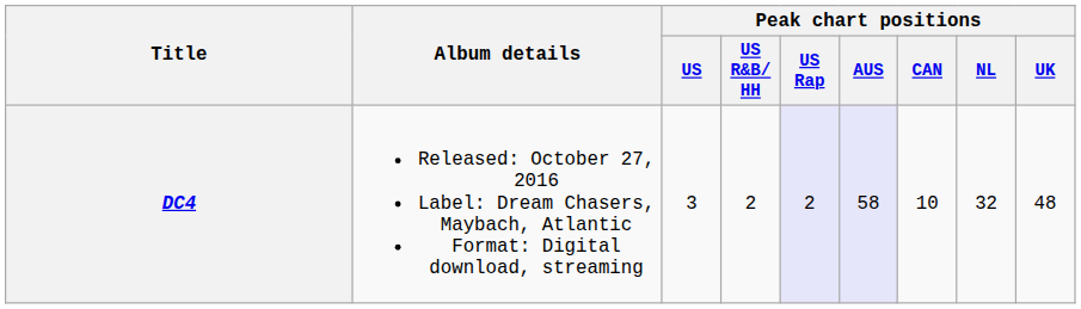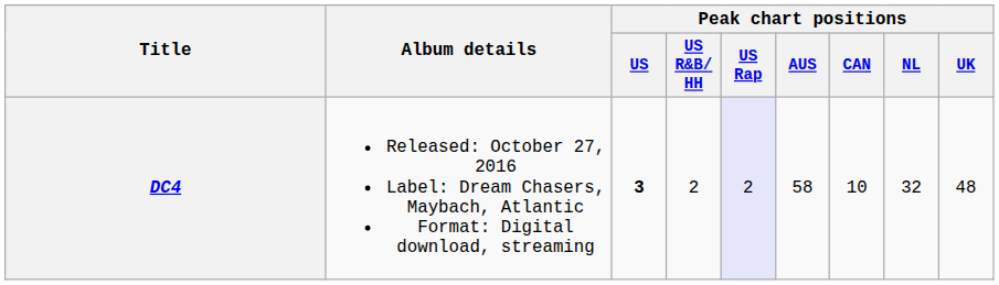 <table class="wikitable plainrowheaders" style="text-align:center;">
 <tr>
 <th scope="col" rowspan="2" style="width:18em;">Title</th>
 <th scope="col" rowspan="2" style="width:16em;">Album details</th>
 <th scope="col" colspan="7">Peak chart positions</th>
 </tr>
 <tr>
 <th scope="col" style="width:3em;font-size:90%;"><a href='#'>US</a><br></th>
 <th scope="col" style="width:3em;font-size:90%;"><a href='#'>US<br>R&B/<br>HH</a><br></th>
 <th scope="col" style="width:3em;font-size:90%;"><a href='#'>US<br>Rap</a><br></th>
 <th scope="col" style="width:3em;font-size:90%;"><a href='#'>AUS</a><br></th>
 <th scope="col" style="width:3em;font-size:90%;"><a href='#'>CAN</a><br></th>
 <th scope="col" style="width:3em;font-size:90%;"><a href='#'>NL</a><br></th>
 <th scope="col" style="width:3em;font-size:90%;"><a href='#'>UK</a><br></th>
 </tr>
 <tr>
 <th scope="row"><em><a href='#'>DC4</a></em></th>
 <td><br><ul><li>Released: October 27, 2016</li><li>Label: Dream Chasers, Maybach, Atlantic</li><li>Format: Digital download, streaming</li></ul></td>
-<td>3</td>
+<td><strong>3</strong></td>
 <td>2</td>
 <td style="background: lavender;">2</td>
-<td style="background: lavender;">58</td>
+<td>58</td>
 <td>10</td>
 <td>32</td>
 <td>48</td>
 </tr>
 </table>
